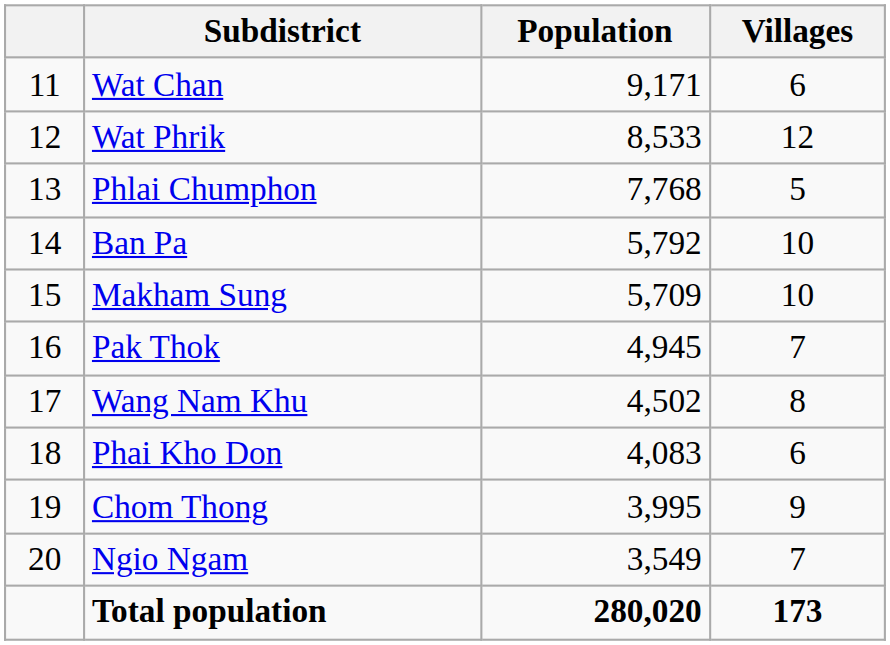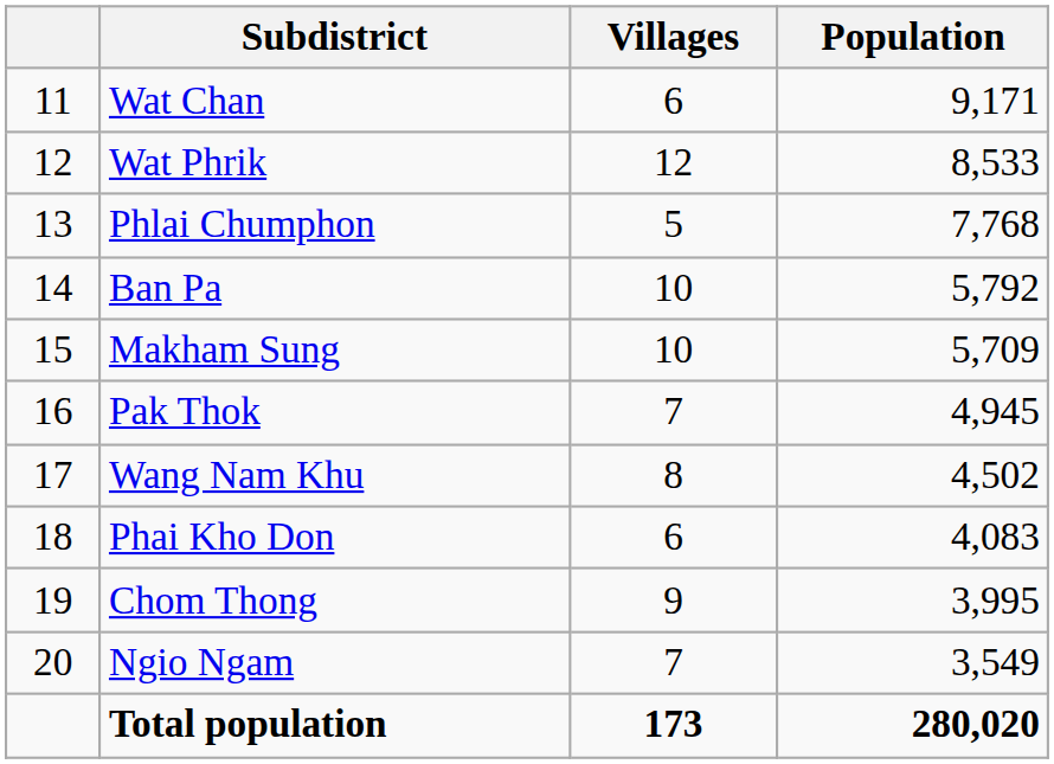 <table class="wikitable" style="width:48%; display:inline-table;">
 <tr>
 <th scope="col" style="width:9%;"> </th>
 <th scope="col" style="width:45%;">Subdistrict</th>
+<th scope="col" style="width:20%;">Villages</th>
 <th scope="col" style="width:26%;">Population</th>
-<th scope="col" style="width:20%;">Villages</th>
 </tr>
 <tr>
 <td style="text-align:center;">11</td>
 <td><a href='#'>Wat Chan</a></td>
+<td style="text-align:center;">6</td>
 <td style="text-align:right;">9,171</td>
-<td style="text-align:center;">6</td>
 </tr>
 <tr>
 <td style="text-align:center;">12</td>
 <td><a href='#'>Wat Phrik</a></td>
+<td style="text-align:center;">12</td>
 <td style="text-align:right;">8,533</td>
-<td style="text-align:center;">12</td>
 </tr>
 <tr>
 <td style="text-align:center;">13</td>
 <td><a href='#'>Phlai Chumphon</a></td>
+<td style="text-align:center;">5</td>
 <td style="text-align:right;">7,768</td>
-<td style="text-align:center;">5</td>
 </tr>
 <tr>
 <td style="text-align:center;">14</td>
 <td><a href='#'>Ban Pa</a></td>
+<td style="text-align:center;">10</td>
 <td style="text-align:right;">5,792</td>
-<td style="text-align:center;">10</td>
 </tr>
 <tr>
 <td style="text-align:center;">15</td>
 <td><a href='#'>Makham Sung</a></td>
+<td style="text-align:center;">10</td>
 <td style="text-align:right;">5,709</td>
-<td style="text-align:center;">10</td>
 </tr>
 <tr>
 <td style="text-align:center;">16</td>
 <td><a href='#'>Pak Thok</a></td>
+<td style="text-align:center;">7</td>
 <td style="text-align:right;">4,945</td>
-<td style="text-align:center;">7</td>
 </tr>
 <tr>
 <td style="text-align:center;">17</td>
 <td><a href='#'>Wang Nam Khu</a></td>
+<td style="text-align:center;">8</td>
 <td style="text-align:right;">4,502</td>
-<td style="text-align:center;">8</td>
 </tr>
 <tr>
 <td style="text-align:center;">18</td>
 <td><a href='#'>Phai Kho Don</a></td>
+<td style="text-align:center;">6</td>
 <td style="text-align:right;">4,083</td>
-<td style="text-align:center;">6</td>
 </tr>
 <tr>
 <td style="text-align:center;">19</td>
 <td><a href='#'>Chom Thong</a></td>
+<td style="text-align:center;">9</td>
 <td style="text-align:right;">3,995</td>
-<td style="text-align:center;">9</td>
 </tr>
 <tr>
 <td style="text-align:center;">20</td>
 <td><a href='#'>Ngio Ngam</a></td>
+<td style="text-align:center;">7</td>
 <td style="text-align:right;">3,549</td>
-<td style="text-align:center;">7</td>
 </tr>
 <tr>
 <td></td>
 <td><strong>Total population</strong></td>
+<td style="text-align:center;"><strong>173</strong></td>
 <td style="text-align:right;"><strong>280,020</strong></td>
-<td style="text-align:center;"><strong>173</strong></td>
 </tr>
 </table>
